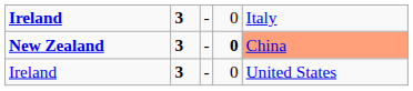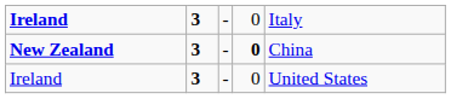 <table class="wikitable">
 <tr>
 <td width=150> <strong><a href='#'>Ireland</a></strong></td>
 <td width=20 align="left"><strong>3</strong></td>
 <td>-</td>
 <td width=20 align="right">0</td>
 <td width=150> <a href='#'>Italy</a></td>
 </tr>
 <tr>
 <td> <strong><a href='#'>New Zealand</a></strong></td>
 <td align="left"><strong>3</strong></td>
 <td>-</td>
 <td align="right"><strong>0</strong></td>
-<td style="background: lightsalmon;"> <a href='#'>China</a></td>
+<td> <a href='#'>China</a></td>
 </tr>
 <tr>
 <td> <a href='#'>Ireland</a></td>
 <td align="left"><strong>3</strong></td>
 <td>-</td>
 <td align="right">0</td>
 <td> <a href='#'>United States</a></td>
 </tr>
 </table>
